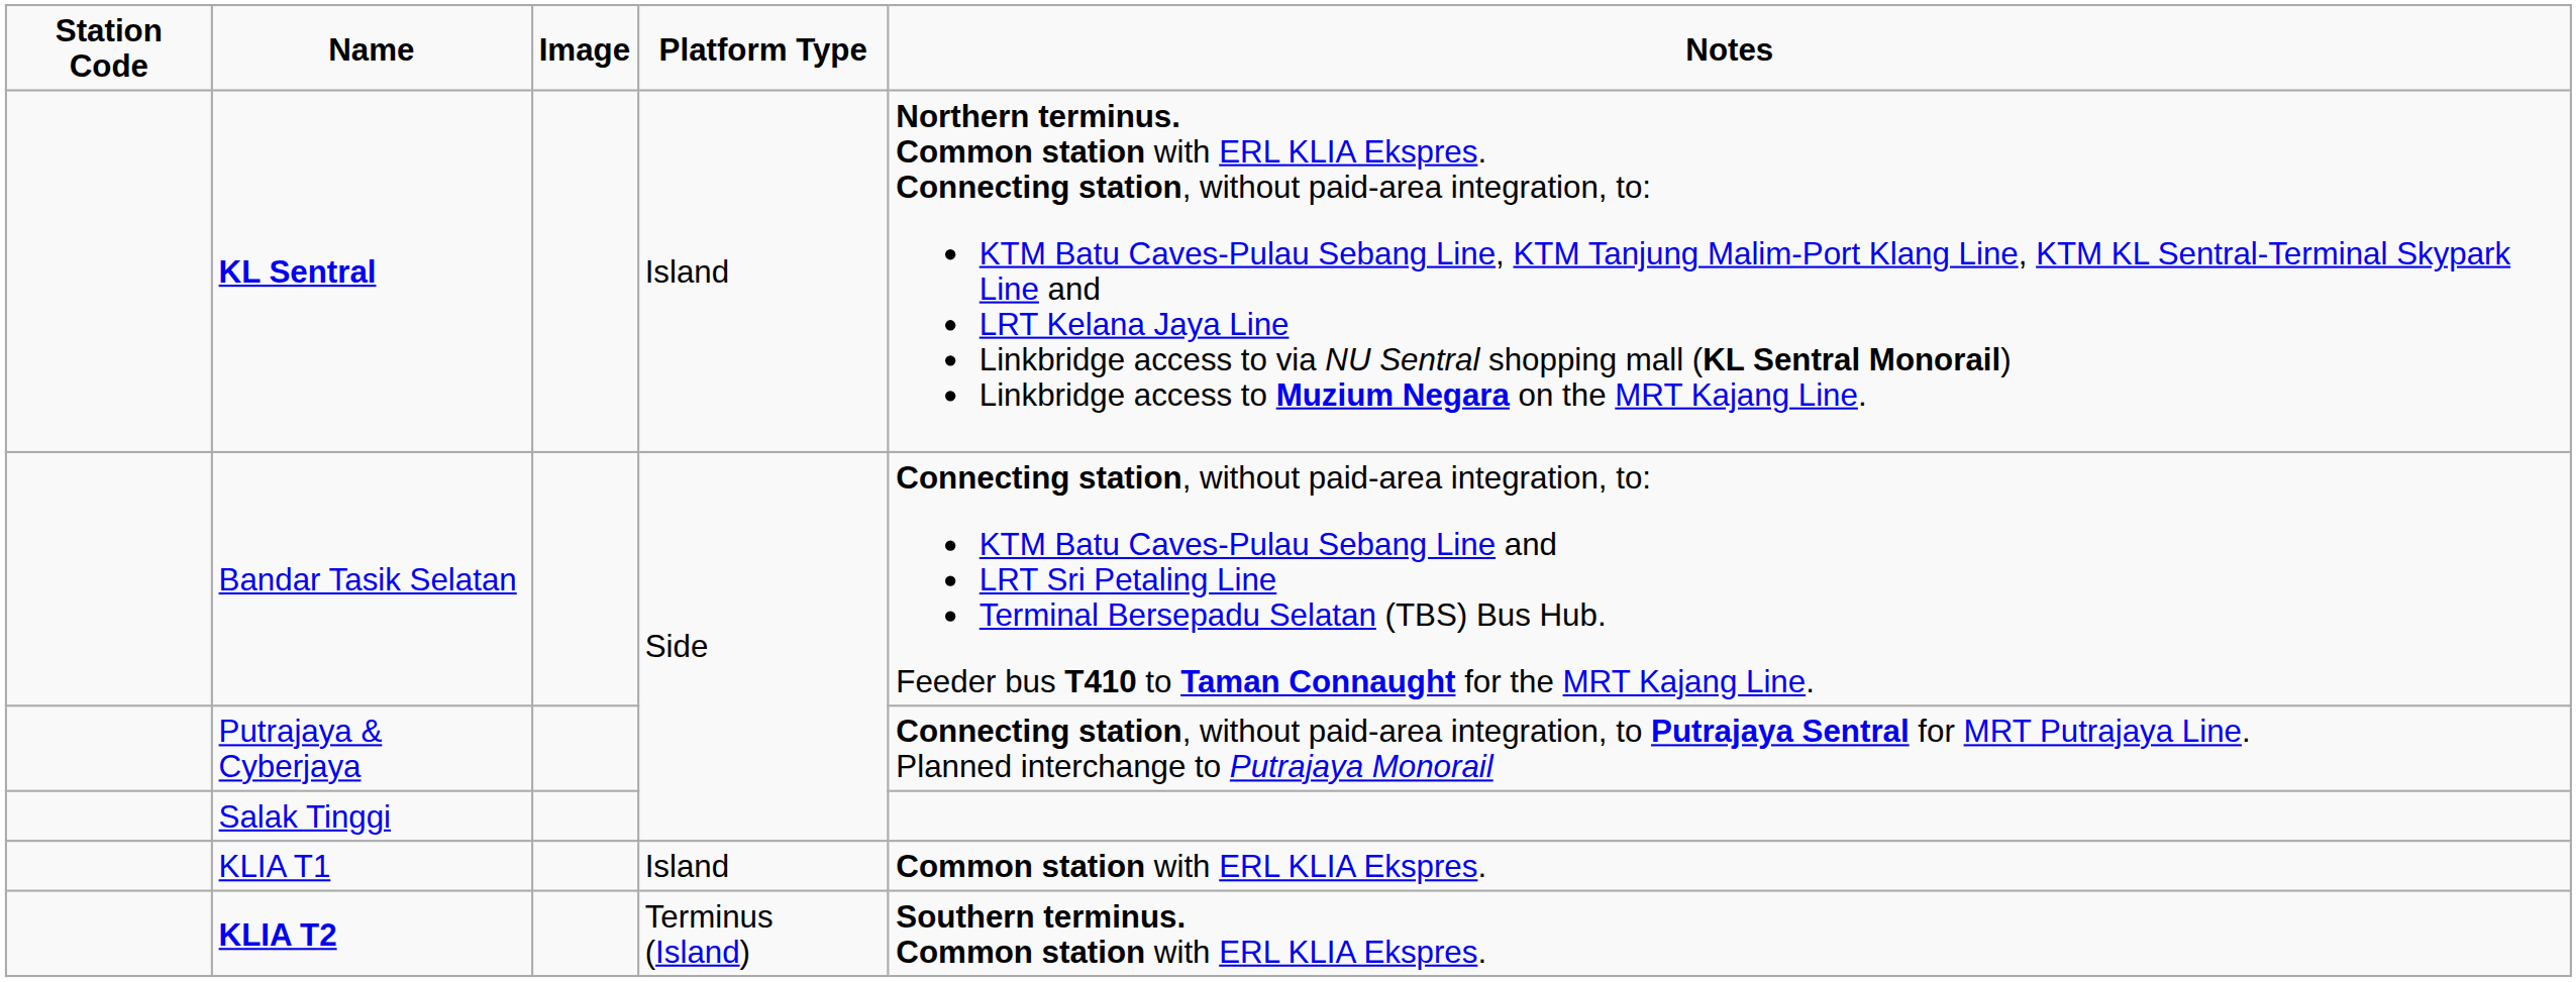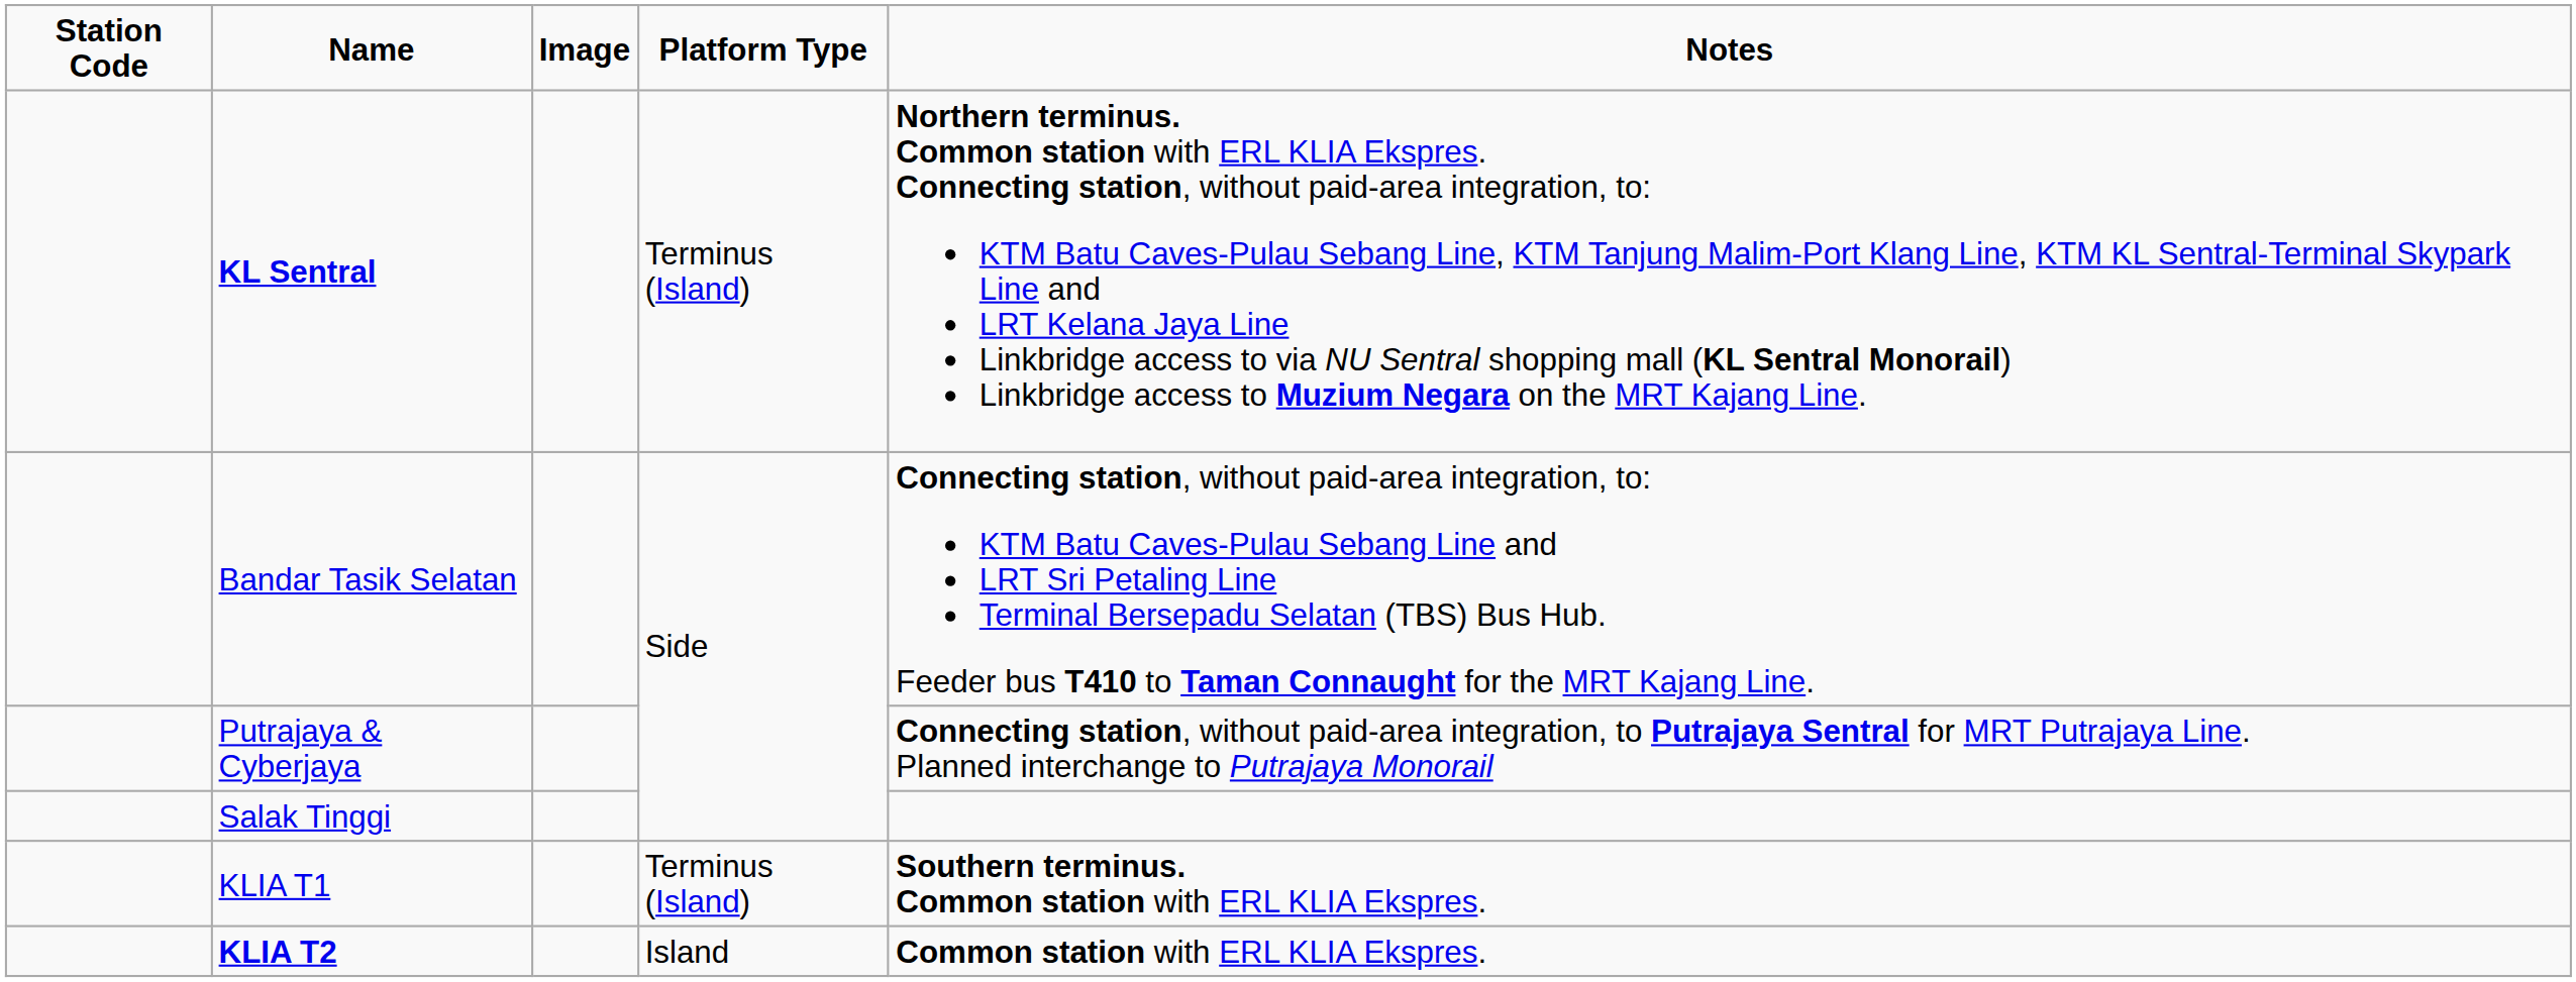 <table class="wikitable sortable" style="margin-left: 1em; margin-bottom: 1em; color: black; border-collapse: collapse; font-size: 95%">
 <tr align="center">
 <td><strong>Station Code</strong></td>
 <td><strong>Name</strong></td>
 <td><strong>Image</strong></td>
 <td><strong>Platform Type</strong></td>
 <td><strong>Notes</strong></td>
 </tr>
 <tr>
 <td></td>
 <td><strong><a href='#'>KL Sentral</a></strong></td>
 <td></td>
-<td>Island</td>
+<td>Terminus (<a href='#'>Island</a>)</td>
 <td><strong>Northern terminus.</strong><br><strong>Common station</strong> with  <a href='#'>ERL KLIA Ekspres</a>.<br><strong>Connecting station</strong>, without paid-area integration, to:<ul><li> <a href='#'>KTM Batu Caves-Pulau Sebang Line</a>, <a href='#'>KTM Tanjung Malim-Port Klang Line</a>, <a href='#'>KTM KL Sentral-Terminal Skypark Line</a> and </li><li> <a href='#'>LRT Kelana Jaya Line</a></li><li>Linkbridge access to   via <em>NU Sentral</em> shopping mall (<strong>KL Sentral Monorail</strong>)</li><li>Linkbridge access to  <a href='#'><strong>Muzium Negara</strong></a> on the <a href='#'>MRT Kajang Line</a>.</li></ul></td>
 </tr>
 <tr>
 <td></td>
 <td><a href='#'>Bandar Tasik Selatan</a></td>
 <td></td>
 <td rowspan="3">Side</td>
 <td><strong>Connecting station</strong>, without paid-area integration, to:<br><ul><li> <a href='#'>KTM Batu Caves-Pulau Sebang Line</a>  and </li><li> <a href='#'>LRT Sri Petaling Line</a></li><li><a href='#'>Terminal Bersepadu Selatan</a> (TBS) Bus Hub.</li></ul>Feeder bus <strong>T410</strong> to  <a href='#'><strong>Taman Connaught</strong></a> for the <a href='#'>MRT Kajang Line</a>.</td>
 </tr>
 <tr>
 <td></td>
 <td><a href='#'>Putrajaya & Cyberjaya</a></td>
 <td></td>
 <td><strong>Connecting station</strong>, without paid-area integration, to  <strong><a href='#'>Putrajaya Sentral</a></strong> for <a href='#'>MRT Putrajaya Line</a>.<br>Planned interchange to <em><a href='#'>Putrajaya Monorail</a></em></td>
 </tr>
 <tr>
 <td></td>
 <td><a href='#'>Salak Tinggi</a></td>
 <td></td>
 <td></td>
 </tr>
 <tr>
 <td></td>
 <td><a href='#'>KLIA T1</a></td>
 <td></td>
-<td>Island</td>
-<td><strong>Common station</strong> with  <a href='#'>ERL KLIA Ekspres</a>.</td>
+<td>Terminus (<a href='#'>Island</a>)</td>
+<td><strong>Southern terminus.</strong><br><strong>Common station</strong> with  <a href='#'>ERL KLIA Ekspres</a>.</td>
 </tr>
 <tr>
 <td></td>
 <td><strong><a href='#'>KLIA T2</a></strong></td>
 <td></td>
-<td>Terminus (<a href='#'>Island</a>)</td>
-<td><strong>Southern terminus.</strong><br><strong>Common station</strong> with  <a href='#'>ERL KLIA Ekspres</a>.</td>
+<td>Island</td>
+<td><strong>Common station</strong> with  <a href='#'>ERL KLIA Ekspres</a>.</td>
 </tr>
 </table>
